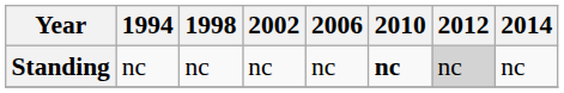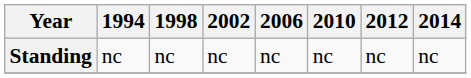 <table class="wikitable">
 <tr>
 <th>Year</th>
 <th>1994</th>
 <th>1998</th>
 <th>2002</th>
 <th>2006</th>
 <th>2010</th>
 <th>2012</th>
 <th>2014</th>
 </tr>
 <tr>
 <th>Standing</th>
 <td>nc</td>
 <td>nc</td>
 <td>nc</td>
 <td>nc</td>
-<td><strong>nc</strong></td>
-<td style="background: lightgrey;">nc</td>
+<td>nc</td>
+<td>nc</td>
 <td>nc</td>
 </tr>
 <tr>
 </tr>
 </table>
